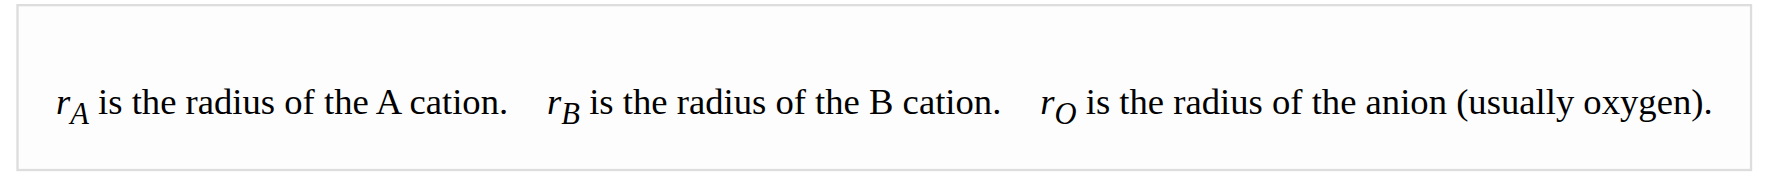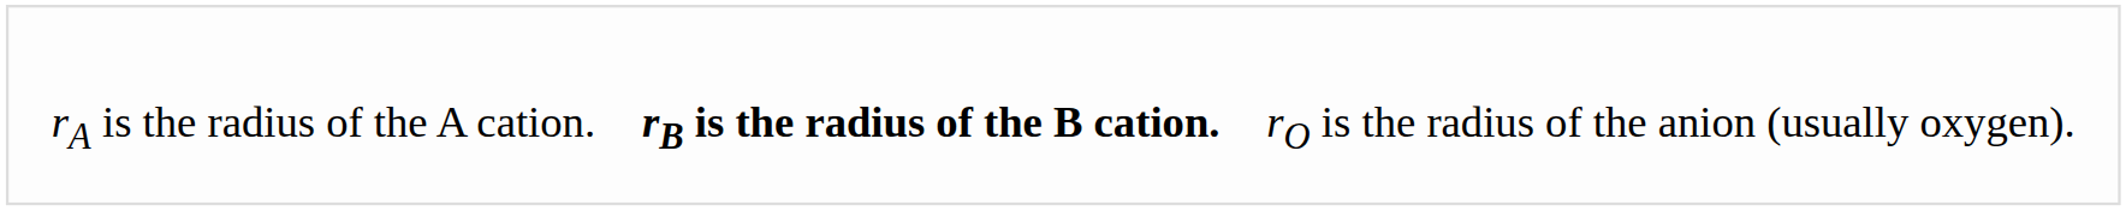 <table style=" background: #fdfdfd; border:1px solid #ddd; text-align:center; margin:auto" cellspacing="15">
 <tr>
 <td colspan="3" align="center"></td>
 </tr>
 <tr>
 <td><em>r<sub>A</sub></em> is the radius of the A cation.</td>
-<td><em>r<sub>B</sub></em> is the radius of the B cation.</td>
+<td><strong><em>r<sub>B</sub></em> is the radius of the B cation.</strong></td>
 <td><em>r<sub>O</sub></em> is the radius of the anion (usually oxygen).</td>
 </tr>
 </table>
